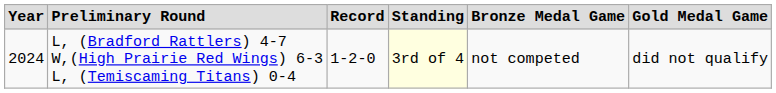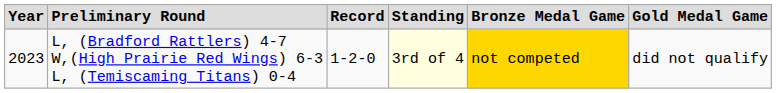 <table class="wikitable">
 <tr style="font-weight:bold; background-color:#dddddd;" |>
 <td>Year</td>
 <td>Preliminary Round</td>
 <td>Record</td>
 <td>Standing</td>
 <td>Bronze Medal Game</td>
 <td>Gold Medal Game</td>
 </tr>
 <tr>
-<td>2024</td>
+<td>2023</td>
 <td>L, (<a href='#'>Bradford Rattlers</a>) 4-7<br>W,(<a href='#'>High Prairie Red Wings</a>) 6-3<br>L, (<a href='#'>Temiscaming Titans</a>) 0-4</td>
 <td>1-2-0</td>
 <td style="background: lightyellow;">3rd of 4</td>
-<td>not competed</td>
+<td style="background: gold;">not competed</td>
 <td>did not qualify</td>
 </tr>
 </table>
